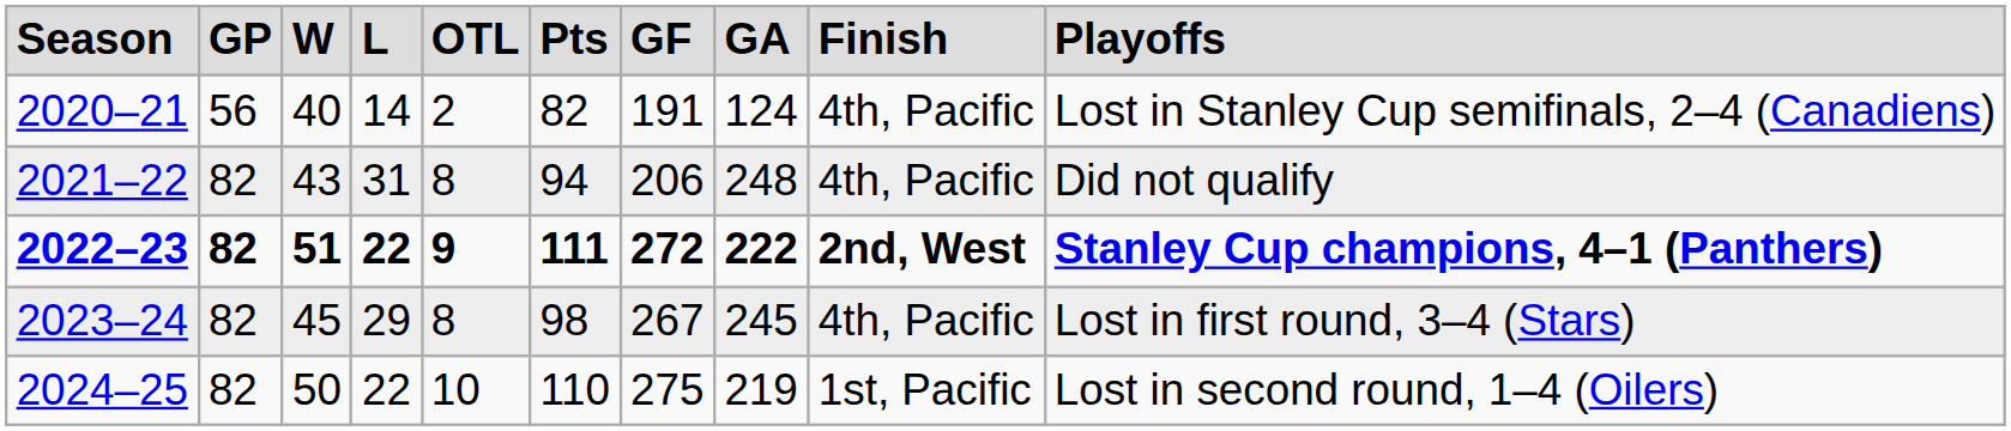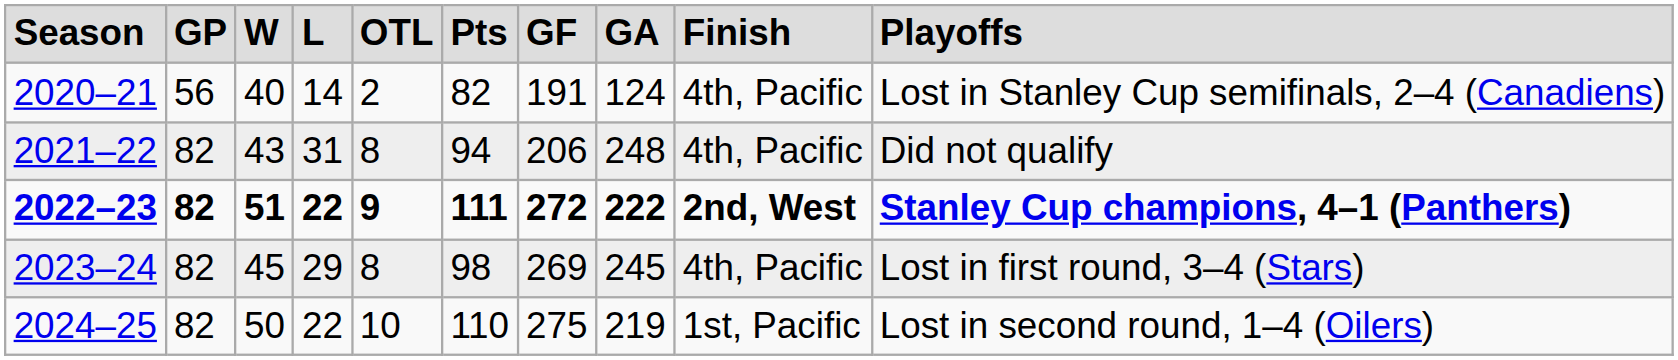 <table class="wikitable">
 <tr style="font-weight:bold; background:#ddd;">
 <td>Season</td>
 <td>GP</td>
 <td>W</td>
 <td>L</td>
 <td>OTL</td>
 <td>Pts</td>
 <td>GF</td>
 <td>GA</td>
 <td>Finish</td>
 <td>Playoffs</td>
 </tr>
 <tr>
 <td><a href='#'>2020–21</a></td>
 <td>56</td>
 <td>40</td>
 <td>14</td>
 <td>2</td>
 <td>82</td>
 <td>191</td>
 <td>124</td>
 <td>4th, Pacific</td>
 <td>Lost in Stanley Cup semifinals, 2–4 (<a href='#'>Canadiens</a>)</td>
 </tr>
 <tr style="background:#eee;">
 <td><a href='#'>2021–22</a></td>
 <td>82</td>
 <td>43</td>
 <td>31</td>
 <td>8</td>
 <td>94</td>
 <td>206</td>
 <td>248</td>
 <td>4th, Pacific</td>
 <td>Did not qualify</td>
 </tr>
 <tr style="font-weight:bold;">
 <td><a href='#'>2022–23</a></td>
 <td>82</td>
 <td>51</td>
 <td>22</td>
 <td>9</td>
 <td>111</td>
 <td>272</td>
 <td>222</td>
 <td>2nd, West</td>
 <td><a href='#'>Stanley Cup champions</a>, 4–1 (<a href='#'>Panthers</a>)</td>
 </tr>
 <tr style="background:#eee;">
 <td><a href='#'>2023–24</a></td>
 <td>82</td>
 <td>45</td>
 <td>29</td>
 <td>8</td>
 <td>98</td>
-<td>267</td>
+<td>269</td>
 <td>245</td>
 <td>4th, Pacific</td>
 <td>Lost in first round, 3–4 (<a href='#'>Stars</a>)</td>
 </tr>
 <tr>
 <td><a href='#'>2024–25</a></td>
 <td>82</td>
 <td>50</td>
 <td>22</td>
 <td>10</td>
 <td>110</td>
 <td>275</td>
 <td>219</td>
 <td>1st, Pacific</td>
 <td>Lost in second round, 1–4 (<a href='#'>Oilers</a>)</td>
 </tr>
 </table>
